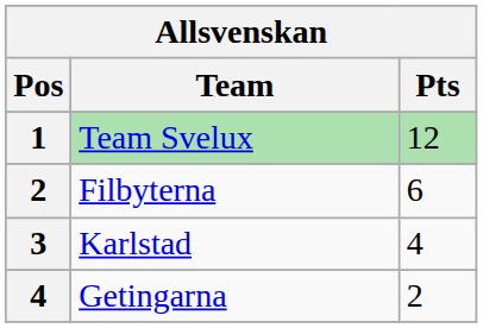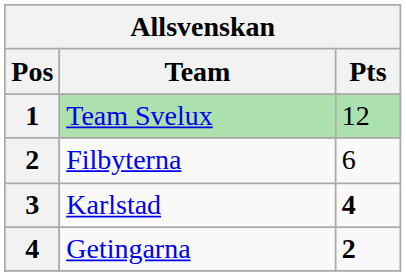 <table class="wikitable">
 <tr>
 <th colspan="3">Allsvenskan</th>
 </tr>
 <tr>
 <th width=20>Pos</th>
 <th width=150>Team</th>
 <th width=30>Pts</th>
 </tr>
 <tr style="background:#ACE1AF;">
 <th>1</th>
 <td><a href='#'>Team Svelux</a></td>
 <td>12</td>
 </tr>
 <tr>
 <th>2</th>
 <td><a href='#'>Filbyterna</a></td>
 <td>6</td>
 </tr>
 <tr>
 <th>3</th>
 <td><a href='#'>Karlstad</a></td>
-<td>4</td>
+<td><strong>4</strong></td>
 </tr>
 <tr>
 <th>4</th>
 <td><a href='#'>Getingarna</a></td>
-<td>2</td>
+<td><strong>2</strong></td>
 </tr>
 </table>
